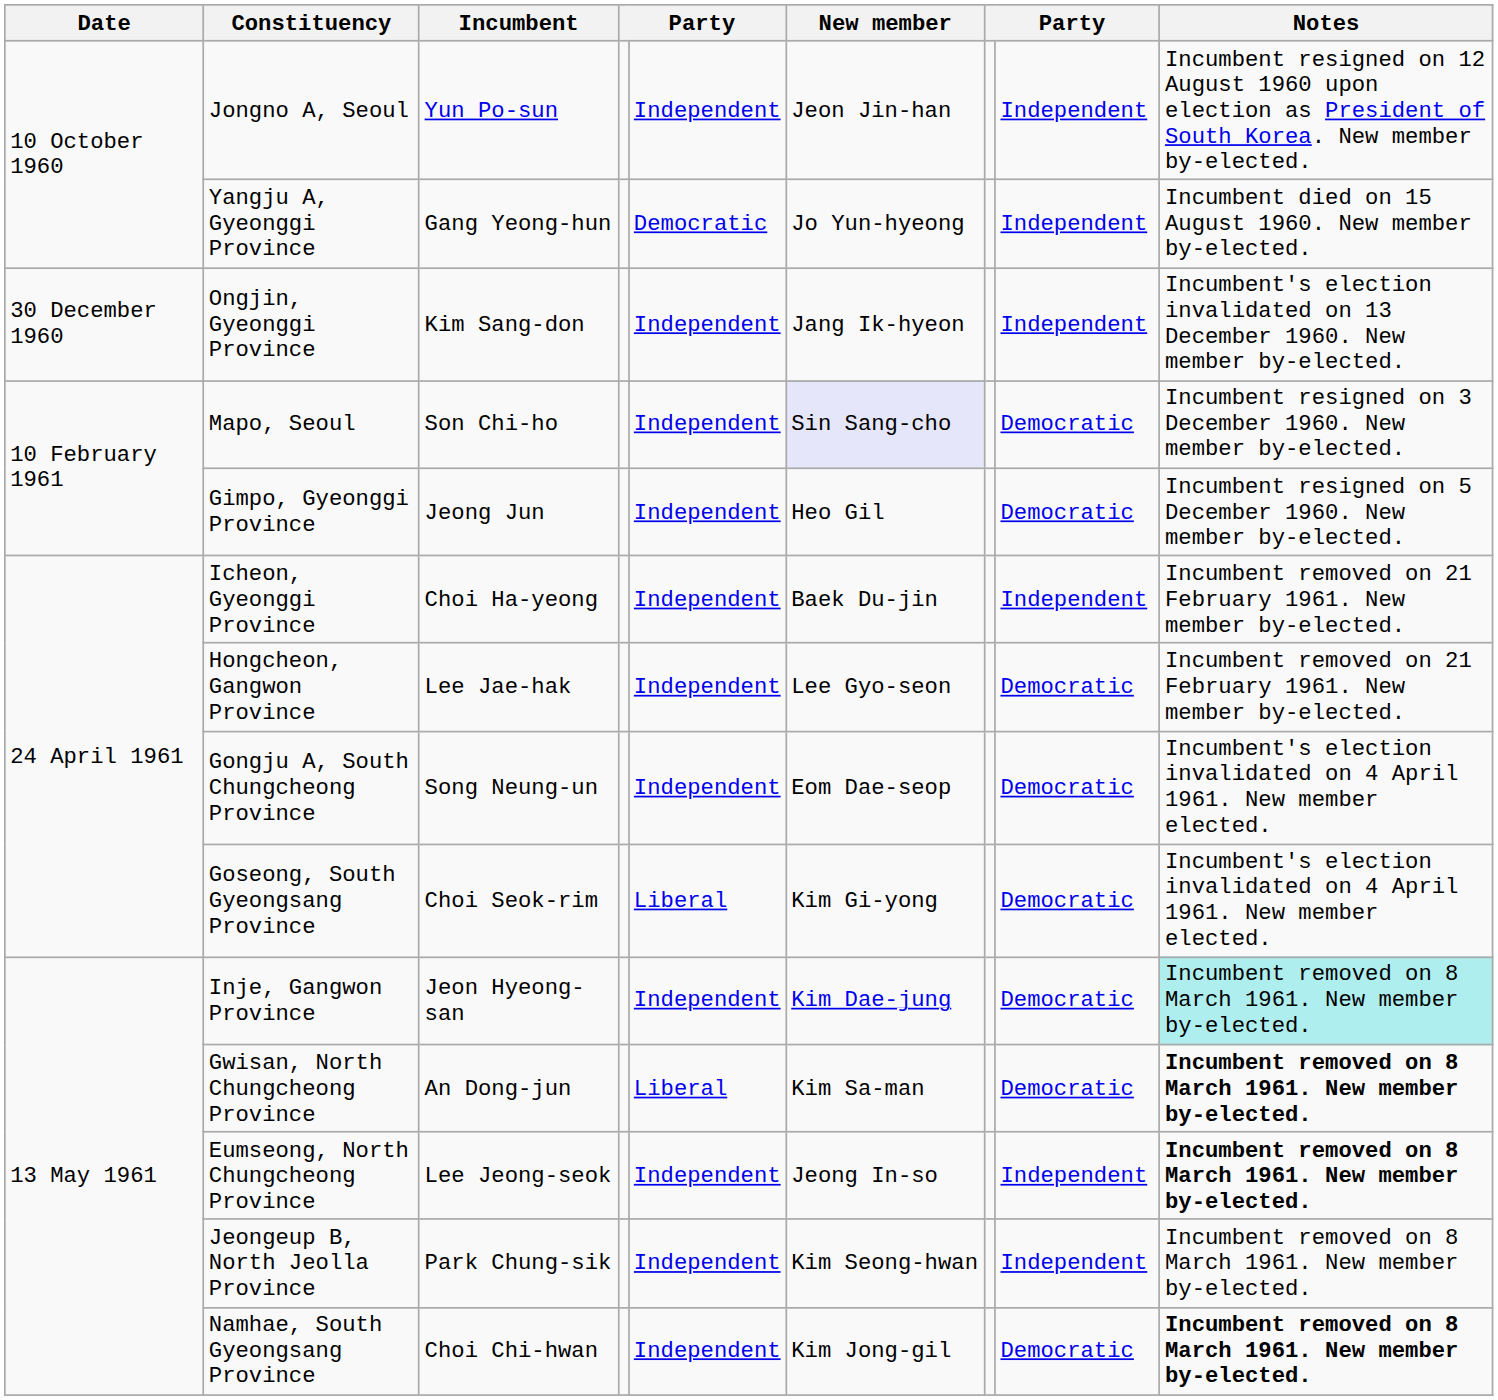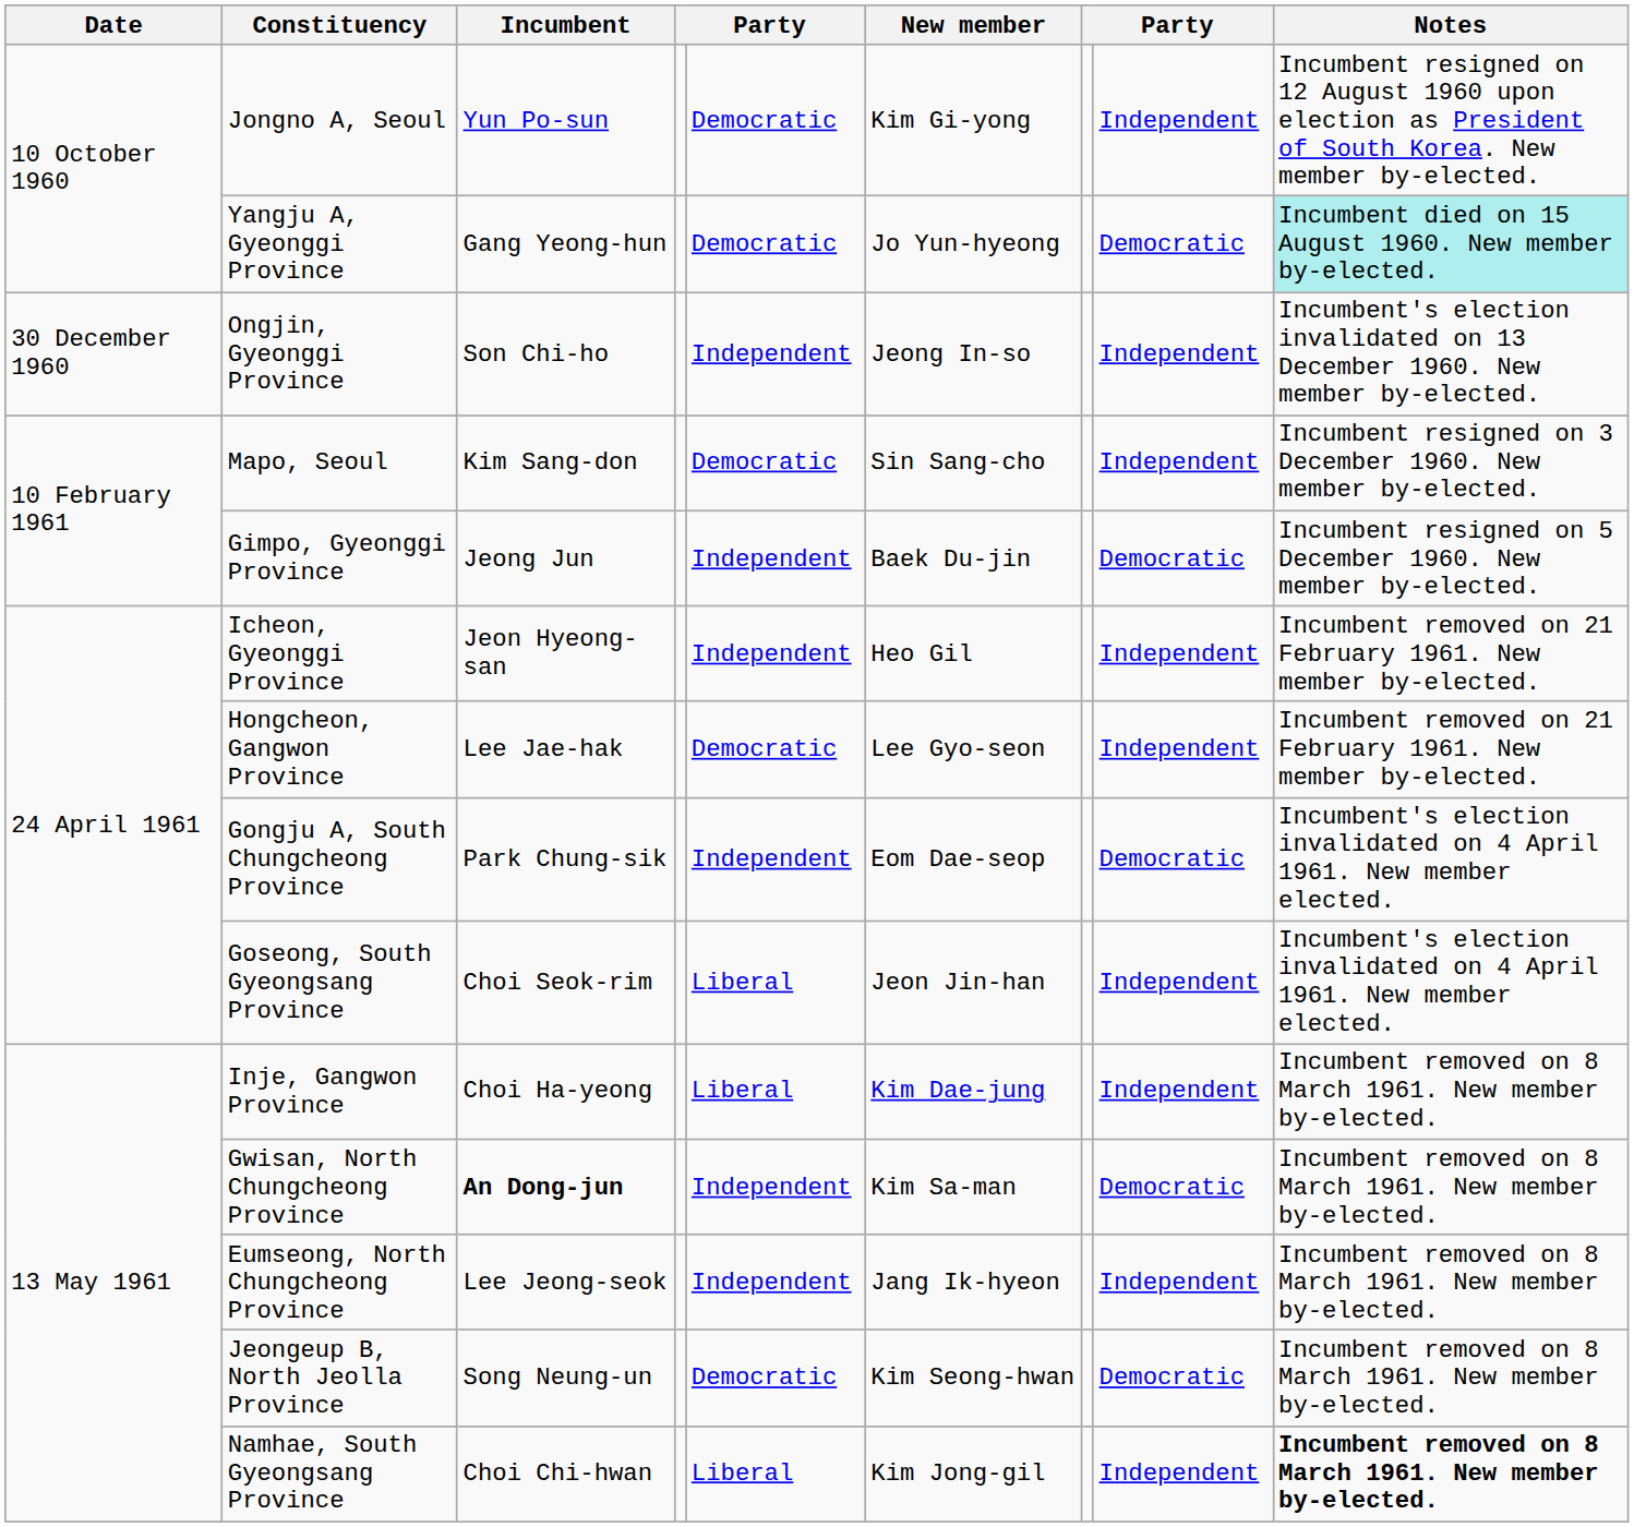 <table class="wikitable sortable plainrowheaders">
 <tr>
 <th width="110px">Date</th>
 <th width="120px">Constituency</th>
 <th width="110px">Incumbent</th>
 <th colspan="2">Party</th>
 <th width="110px">New member</th>
 <th colspan="2">Party</th>
 <th class="unsortable">Notes</th>
 </tr>
 <tr>
 <td rowspan="2">10 October 1960</td>
 <td>Jongno A, Seoul</td>
 <td><a href='#'>Yun Po-sun</a></td>
 <td></td>
-<td><a href='#'>Independent</a></td>
-<td>Jeon Jin-han</td>
+<td width="90px"><a href='#'>Democratic</a></td>
+<td>Kim Gi-yong</td>
 <td></td>
 <td width="90px"><a href='#'>Independent</a></td>
 <td>Incumbent resigned on 12 August 1960 upon election as <a href='#'>President of South Korea</a>. New member by-elected.</td>
 </tr>
 <tr>
 <td>Yangju A, Gyeonggi Province</td>
 <td>Gang Yeong-hun</td>
 <td></td>
 <td><a href='#'>Democratic</a></td>
 <td>Jo Yun-hyeong</td>
 <td></td>
-<td><a href='#'>Independent</a></td>
-<td>Incumbent died on 15 August 1960. New member by-elected.</td>
+<td><a href='#'>Democratic</a></td>
+<td style="background: paleturquoise;">Incumbent died on 15 August 1960. New member by-elected.</td>
 </tr>
 <tr>
 <td>30 December 1960</td>
 <td>Ongjin, Gyeonggi Province</td>
-<td>Kim Sang-don</td>
+<td>Son Chi-ho</td>
 <td></td>
 <td><a href='#'>Independent</a></td>
-<td>Jang Ik-hyeon</td>
+<td>Jeong In-so</td>
 <td></td>
 <td><a href='#'>Independent</a></td>
 <td>Incumbent's election invalidated on 13 December 1960. New member by-elected.</td>
 </tr>
 <tr>
 <td rowspan="2">10 February 1961</td>
 <td>Mapo, Seoul</td>
-<td>Son Chi-ho</td>
+<td>Kim Sang-don</td>
+<td></td>
+<td><a href='#'>Democratic</a></td>
+<td>Sin Sang-cho</td>
 <td></td>
 <td><a href='#'>Independent</a></td>
-<td style="background: lavender;">Sin Sang-cho</td>
-<td></td>
-<td><a href='#'>Democratic</a></td>
 <td>Incumbent resigned on 3 December 1960. New member by-elected.</td>
 </tr>
 <tr>
 <td>Gimpo, Gyeonggi Province</td>
 <td>Jeong Jun</td>
 <td></td>
 <td><a href='#'>Independent</a></td>
-<td>Heo Gil</td>
+<td>Baek Du-jin</td>
 <td></td>
 <td><a href='#'>Democratic</a></td>
 <td>Incumbent resigned on 5 December 1960. New member by-elected.</td>
 </tr>
 <tr>
 <td rowspan="4">24 April 1961</td>
 <td>Icheon, Gyeonggi Province</td>
-<td>Choi Ha-yeong</td>
+<td>Jeon Hyeong-san</td>
 <td></td>
 <td><a href='#'>Independent</a></td>
-<td>Baek Du-jin</td>
+<td>Heo Gil</td>
 <td></td>
 <td><a href='#'>Independent</a></td>
 <td>Incumbent removed on 21 February 1961. New member by-elected.</td>
 </tr>
 <tr>
 <td>Hongcheon, Gangwon Province</td>
 <td>Lee Jae-hak</td>
 <td></td>
-<td><a href='#'>Independent</a></td>
+<td><a href='#'>Democratic</a></td>
 <td>Lee Gyo-seon</td>
 <td></td>
-<td><a href='#'>Democratic</a></td>
+<td><a href='#'>Independent</a></td>
 <td>Incumbent removed on 21 February 1961. New member by-elected.</td>
 </tr>
 <tr>
 <td>Gongju A, South Chungcheong Province</td>
-<td>Song Neung-un</td>
+<td>Park Chung-sik</td>
 <td></td>
 <td><a href='#'>Independent</a></td>
 <td>Eom Dae-seop</td>
 <td></td>
 <td><a href='#'>Democratic</a></td>
 <td>Incumbent's election invalidated on 4 April 1961. New member elected.</td>
 </tr>
 <tr>
 <td>Goseong, South Gyeongsang Province</td>
 <td>Choi Seok-rim</td>
 <td></td>
 <td><a href='#'>Liberal</a></td>
-<td>Kim Gi-yong</td>
+<td>Jeon Jin-han</td>
 <td></td>
-<td><a href='#'>Democratic</a></td>
+<td><a href='#'>Independent</a></td>
 <td>Incumbent's election invalidated on 4 April 1961. New member elected.</td>
 </tr>
 <tr>
 <td rowspan="5">13 May 1961</td>
 <td>Inje, Gangwon Province</td>
-<td>Jeon Hyeong-san</td>
+<td>Choi Ha-yeong</td>
+<td></td>
+<td><a href='#'>Liberal</a></td>
+<td><a href='#'>Kim Dae-jung</a></td>
 <td></td>
 <td><a href='#'>Independent</a></td>
-<td><a href='#'>Kim Dae-jung</a></td>
-<td></td>
-<td><a href='#'>Democratic</a></td>
-<td style="background: paleturquoise;">Incumbent removed on 8 March 1961. New member by-elected.</td>
+<td>Incumbent removed on 8 March 1961. New member by-elected.</td>
 </tr>
 <tr>
 <td>Gwisan, North Chungcheong Province</td>
-<td>An Dong-jun</td>
+<td><strong>An Dong-jun</strong></td>
 <td></td>
-<td><a href='#'>Liberal</a></td>
+<td><a href='#'>Independent</a></td>
 <td>Kim Sa-man</td>
 <td></td>
 <td><a href='#'>Democratic</a></td>
-<td><strong>Incumbent removed on 8 March 1961. New member by-elected.</strong></td>
+<td>Incumbent removed on 8 March 1961. New member by-elected.</td>
 </tr>
 <tr>
 <td>Eumseong, North Chungcheong Province</td>
 <td>Lee Jeong-seok</td>
 <td></td>
 <td><a href='#'>Independent</a></td>
-<td>Jeong In-so</td>
+<td>Jang Ik-hyeon</td>
 <td></td>
 <td><a href='#'>Independent</a></td>
-<td><strong>Incumbent removed on 8 March 1961. New member by-elected.</strong></td>
+<td>Incumbent removed on 8 March 1961. New member by-elected.</td>
 </tr>
 <tr>
 <td>Jeongeup B, North Jeolla Province</td>
-<td>Park Chung-sik</td>
+<td>Song Neung-un</td>
 <td></td>
-<td><a href='#'>Independent</a></td>
+<td width="90px"><a href='#'>Democratic</a></td>
 <td>Kim Seong-hwan</td>
 <td></td>
-<td><a href='#'>Independent</a></td>
+<td><a href='#'>Democratic</a></td>
 <td>Incumbent removed on 8 March 1961. New member by-elected.</td>
 </tr>
 <tr>
 <td>Namhae, South Gyeongsang Province</td>
 <td>Choi Chi-hwan</td>
 <td></td>
-<td><a href='#'>Independent</a></td>
+<td><a href='#'>Liberal</a></td>
 <td>Kim Jong-gil</td>
 <td></td>
-<td><a href='#'>Democratic</a></td>
+<td><a href='#'>Independent</a></td>
 <td><strong>Incumbent removed on 8 March 1961. New member by-elected.</strong></td>
 </tr>
 </table>
